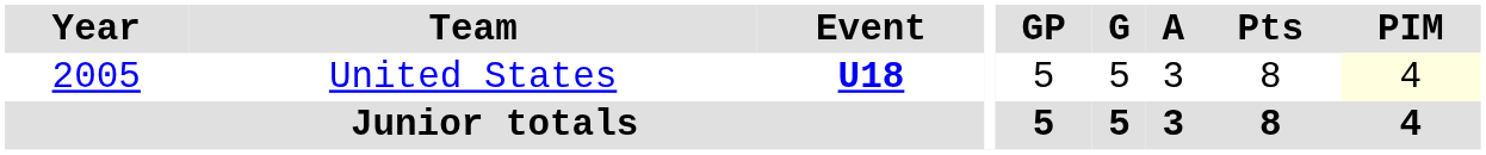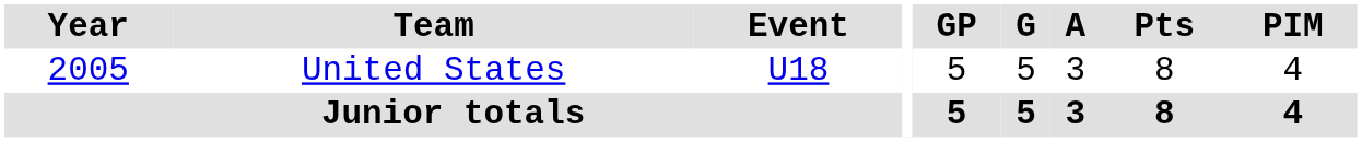 <table border="0" cellpadding="1" cellspacing="0" ID="Table3" style="text-align:center; width:40em">
 <tr ALIGN="center" bgcolor="#e0e0e0">
 <th>Year</th>
 <th>Team</th>
 <th>Event</th>
 <th rowspan="99" bgcolor="#ffffff"></th>
 <th>GP</th>
 <th>G</th>
 <th>A</th>
 <th>Pts</th>
 <th>PIM</th>
 </tr>
 <tr>
 <td><a href='#'>2005</a></td>
 <td><a href='#'>United States</a></td>
-<td><strong><a href='#'>U18</a></strong></td>
+<td><a href='#'>U18</a></td>
 <td>5</td>
 <td>5</td>
 <td>3</td>
 <td>8</td>
-<td style="background: lightyellow;">4</td>
+<td>4</td>
 </tr>
 <tr style="background:#e0e0e0;">
 <th colspan="3">Junior totals</th>
 <th>5</th>
 <th>5</th>
 <th>3</th>
 <th>8</th>
 <th>4</th>
 </tr>
 </table>
